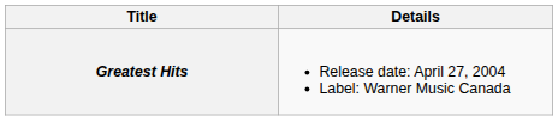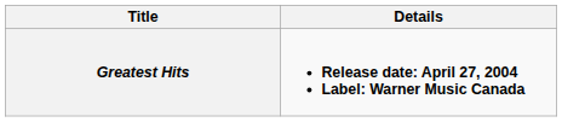 <table class="wikitable plainrowheaders">
 <tr>
 <th style="width:18em;">Title</th>
 <th style="width:18em;">Details</th>
 </tr>
 <tr>
 <th scope="row"><em>Greatest Hits</em></th>
-<td><br><ul><li>Release date: April 27, 2004</li><li>Label: Warner Music Canada</li></ul></td>
+<td><strong><br><ul><li>Release date: April 27, 2004</li><li>Label: Warner Music Canada</li></ul></strong></td>
 </tr>
 </table>
